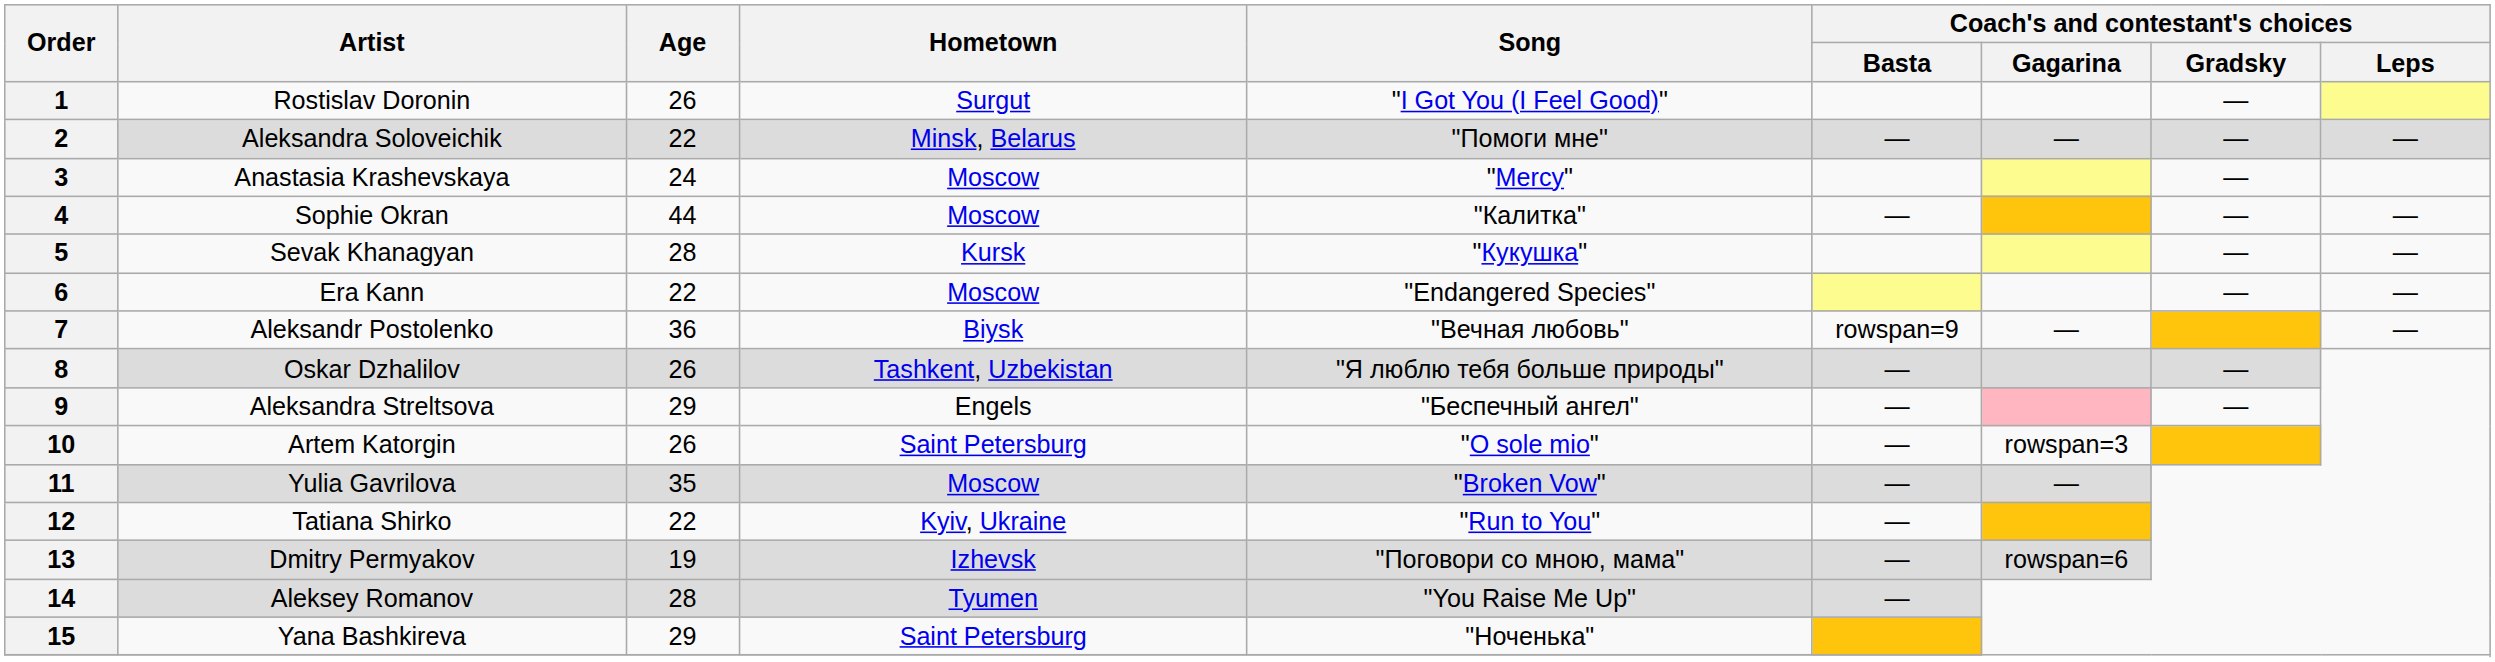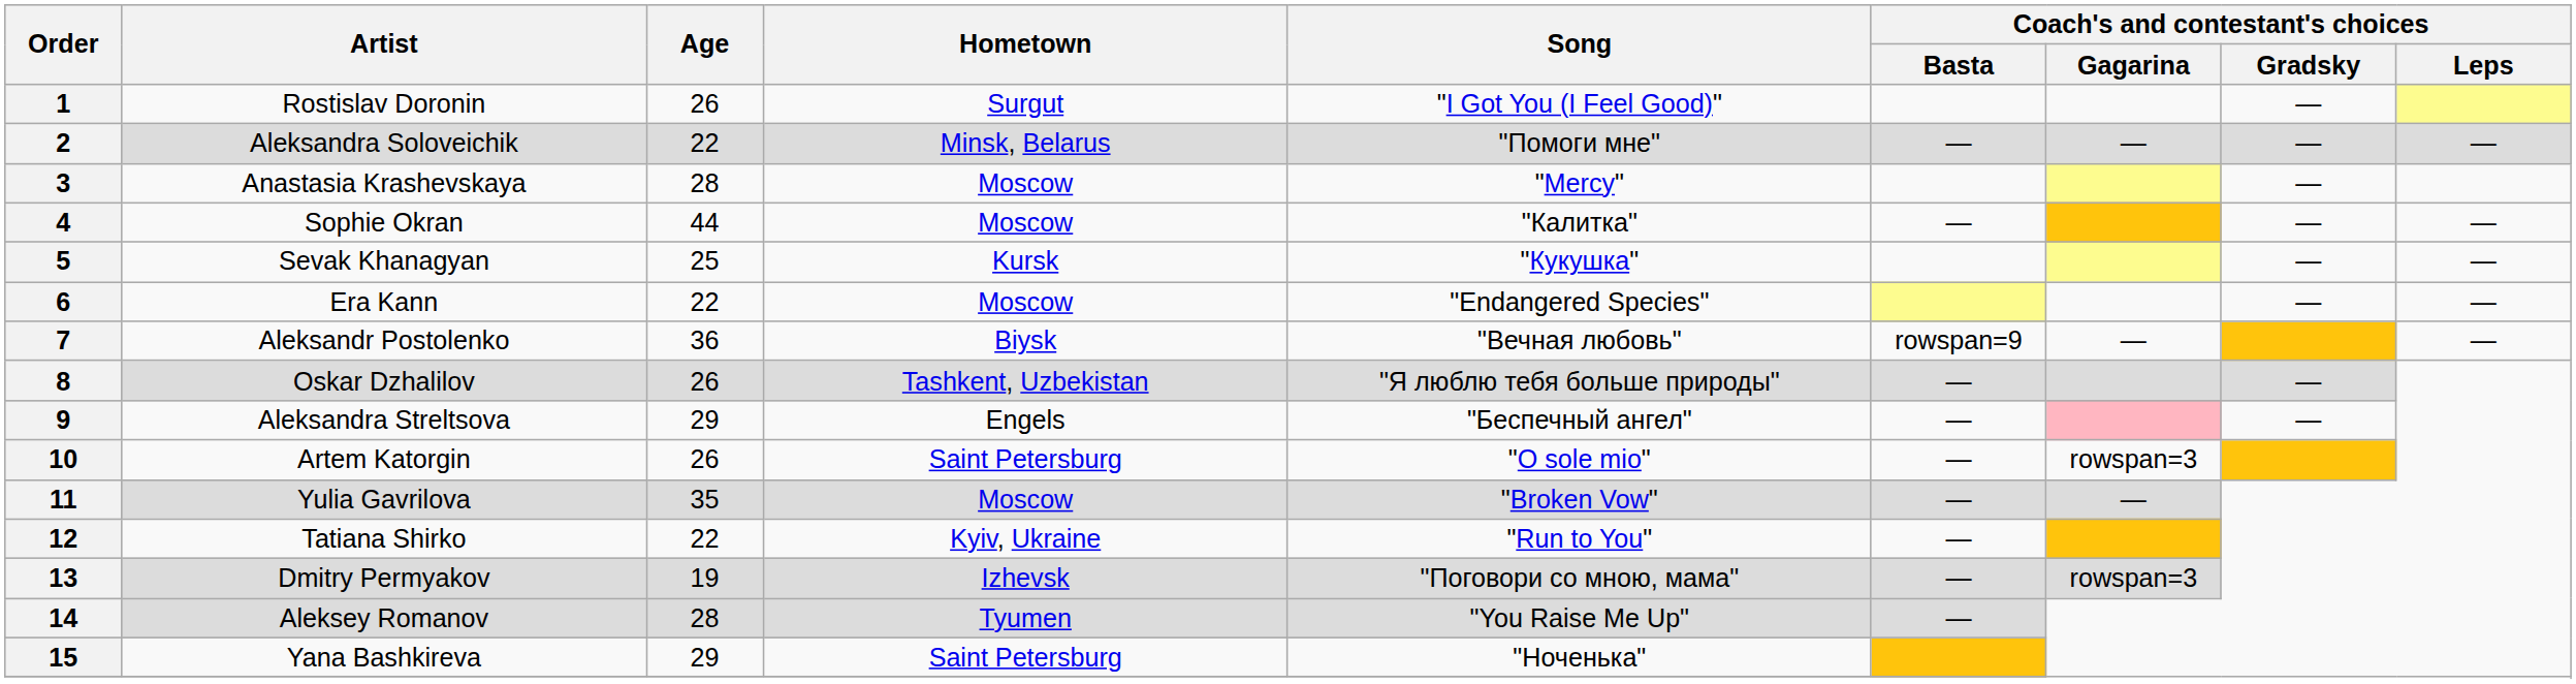 <table class="wikitable" style="text-align:center; line-height:17px; width:100%;">
 <tr>
 <th scope="col" rowspan="2" style="width:04%;">Order</th>
 <th scope="col" rowspan="2" style="width:18%;">Artist</th>
 <th scope="col" rowspan="2" style="width:04%;">Age</th>
 <th scope="col" rowspan="2" style="width:18%;">Hometown</th>
 <th scope="col" rowspan="2" style="width:20%;">Song</th>
 <th scope="col" colspan="4" style="width:24%;">Coach's and contestant's choices</th>
 </tr>
 <tr>
 <th style="width:06%;">Basta</th>
 <th style="width:06%;">Gagarina</th>
 <th style="width:06%;">Gradsky</th>
 <th style="width:06%;">Leps</th>
 </tr>
 <tr>
 <th>1</th>
 <td>Rostislav Doronin</td>
 <td>26</td>
 <td><a href='#'>Surgut</a></td>
 <td>"<a href='#'>I Got You (I Feel Good)</a>"</td>
 <td><strong></strong></td>
 <td><strong></strong></td>
 <td>—</td>
 <td style="background:#fdfc8f;"><strong></strong></td>
 </tr>
 <tr style="background:#DCDCDC;">
 <th>2</th>
 <td>Aleksandra Soloveichik</td>
 <td>22</td>
 <td><a href='#'>Minsk</a>, <a href='#'>Belarus</a></td>
 <td>"Помоги мне"</td>
 <td>—</td>
 <td>—</td>
 <td>—</td>
 <td>—</td>
 </tr>
 <tr>
 <th>3</th>
 <td>Anastasia Krashevskaya</td>
-<td>24</td>
+<td>28</td>
 <td><a href='#'>Moscow</a></td>
 <td>"<a href='#'>Mercy</a>"</td>
 <td><strong></strong></td>
 <td style="background:#fdfc8f;"><strong></strong></td>
 <td>—</td>
 <td><strong></strong></td>
 </tr>
 <tr>
 <th>4</th>
 <td>Sophie Okran</td>
 <td>44</td>
 <td><a href='#'>Moscow</a></td>
 <td>"Калитка"</td>
 <td>—</td>
 <td style="background:#FFC40C;"><strong></strong></td>
 <td>—</td>
 <td>—</td>
 </tr>
 <tr>
 <th>5</th>
 <td>Sevak Khanagyan</td>
-<td>28</td>
+<td>25</td>
 <td><a href='#'>Kursk</a></td>
 <td>"<a href='#'>Кукушка</a>"</td>
 <td><strong></strong></td>
 <td style="background:#fdfc8f;"><strong></strong></td>
 <td>—</td>
 <td>—</td>
 </tr>
 <tr>
 <th>6</th>
 <td>Era Kann</td>
 <td>22</td>
 <td><a href='#'>Moscow</a></td>
 <td>"Endangered Species"</td>
 <td style="background:#fdfc8f;"><strong></strong></td>
 <td><strong></strong></td>
 <td>—</td>
 <td>—</td>
 </tr>
 <tr>
 <th>7</th>
 <td>Aleksandr Postolenko</td>
 <td>36</td>
 <td><a href='#'>Biysk</a></td>
 <td>"Вечная любовь"</td>
 <td>rowspan=9 </td>
 <td>—</td>
 <td style="background:#FFC40C;"><strong></strong></td>
 <td>—</td>
 </tr>
 <tr style="background:#DCDCDC;">
 <th>8</th>
 <td>Oskar Dzhalilov</td>
 <td>26</td>
 <td><a href='#'>Tashkent</a>, <a href='#'>Uzbekistan</a></td>
 <td>"Я люблю тебя больше природы"</td>
 <td>—</td>
 <td></td>
 <td>—</td>
 </tr>
 <tr>
 <th>9</th>
 <td>Aleksandra Streltsova</td>
 <td>29</td>
 <td>Engels</td>
 <td>"Беспечный ангел"</td>
 <td>—</td>
 <td style="background:lightpink;"><strong></strong></td>
 <td>—</td>
 </tr>
 <tr>
 <th>10</th>
 <td>Artem Katorgin</td>
 <td>26</td>
 <td><a href='#'>Saint Petersburg</a></td>
 <td>"<a href='#'>O sole mio</a>"</td>
 <td>—</td>
 <td>rowspan=3 </td>
 <td style="background:#FFC40C;"><strong></strong></td>
 </tr>
 <tr style="background:#DCDCDC;">
 <th>11</th>
 <td>Yulia Gavrilova</td>
 <td>35</td>
 <td><a href='#'>Moscow</a></td>
 <td>"<a href='#'>Broken Vow</a>"</td>
 <td>—</td>
 <td>—</td>
 </tr>
 <tr>
 <th>12</th>
 <td>Tatiana Shirko</td>
 <td>22</td>
 <td><a href='#'>Kyiv</a>, <a href='#'>Ukraine</a></td>
 <td>"<a href='#'>Run to You</a>"</td>
 <td>—</td>
 <td style="background:#FFC40C;"><strong></strong></td>
 </tr>
 <tr style="background:#DCDCDC;">
 <th>13</th>
 <td>Dmitry Permyakov</td>
 <td>19</td>
 <td><a href='#'>Izhevsk</a></td>
 <td>"Поговори со мною, мама"</td>
 <td>—</td>
-<td>rowspan=6 </td>
+<td>rowspan=3 </td>
 </tr>
 <tr style="background:#DCDCDC;">
 <th>14</th>
 <td>Aleksey Romanov</td>
 <td>28</td>
 <td><a href='#'>Tyumen</a></td>
 <td>"You Raise Me Up"</td>
 <td>—</td>
 </tr>
 <tr>
 <th>15</th>
 <td>Yana Bashkireva</td>
 <td>29</td>
 <td><a href='#'>Saint Petersburg</a></td>
 <td>"Ноченька"</td>
 <td style="background:#FFC40C;"><strong></strong></td>
 </tr>
 <tr>
 </tr>
 </table>
